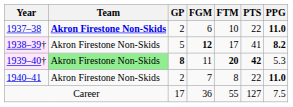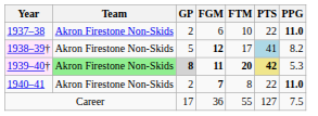 <table class="wikitable sortable" style="font-size:95%; text-align:right;">
 <tr>
 <th>Year</th>
 <th>Team</th>
 <th>GP</th>
 <th>FGM</th>
 <th>FTM</th>
 <th>PTS</th>
 <th>PPG</th>
 </tr>
 <tr>
 <td style="text-align:left;"><a href='#'>1937–38</a></td>
-<td style="text-align:left;"><strong><a href='#'>Akron Firestone Non-Skids</a></strong></td>
+<td style="text-align:left;"><a href='#'>Akron Firestone Non-Skids</a></td>
 <td>2</td>
 <td>6</td>
 <td>10</td>
 <td>22</td>
 <td><strong>11.0</strong></td>
 </tr>
 <tr>
 <td style="text-align:left;background:#ffe6fa;"><a href='#'>1938–39</a>†</td>
 <td style="text-align:left;">Akron Firestone Non-Skids</td>
 <td>5</td>
 <td><strong>12</strong></td>
 <td>17</td>
-<td>41</td>
-<td><strong>8.2</strong></td>
+<td style="background: lightblue;">41</td>
+<td>8.2</td>
 </tr>
 <tr>
 <td style="text-align:left;background:#ffe6fa;"><a href='#'>1939–40</a>†</td>
 <td style="background: lightgreen; text-align:left;">Akron Firestone Non-Skids</td>
-<td><strong>8</strong></td>
-<td>11</td>
+<td style="background: lightgrey;"><strong>8</strong></td>
+<td><strong>11</strong></td>
 <td><strong>20</strong></td>
-<td><strong>42</strong></td>
+<td style="background: khaki;"><strong>42</strong></td>
 <td>5.3</td>
 </tr>
 <tr>
 <td style="text-align:left;"><a href='#'>1940–41</a></td>
 <td style="text-align:left;">Akron Firestone Non-Skids</td>
 <td>2</td>
-<td>7</td>
+<td><strong>7</strong></td>
 <td>8</td>
 <td>22</td>
 <td><strong>11.0</strong></td>
 </tr>
 <tr>
 <td style="text-align:center;" colspan="2">Career</td>
 <td>17</td>
 <td>36</td>
 <td>55</td>
 <td>127</td>
 <td>7.5</td>
 </tr>
 </table>
